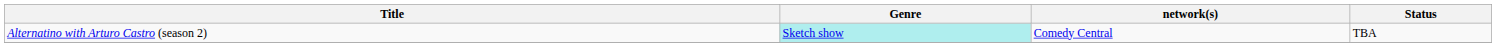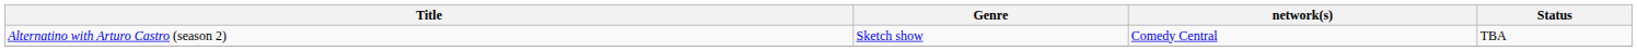 <table class="wikitable sortable" style="width:100%;">
 <tr>
 <th>Title</th>
 <th>Genre</th>
 <th> network(s)</th>
 <th>Status</th>
 </tr>
 <tr>
 <td><em><a href='#'>Alternatino with Arturo Castro</a></em> (season 2)</td>
-<td style="background: paleturquoise;"><a href='#'>Sketch show</a></td>
+<td><a href='#'>Sketch show</a></td>
 <td><a href='#'>Comedy Central</a></td>
 <td>TBA</td>
 </tr>
 <tr>
 </tr>
 </table>
